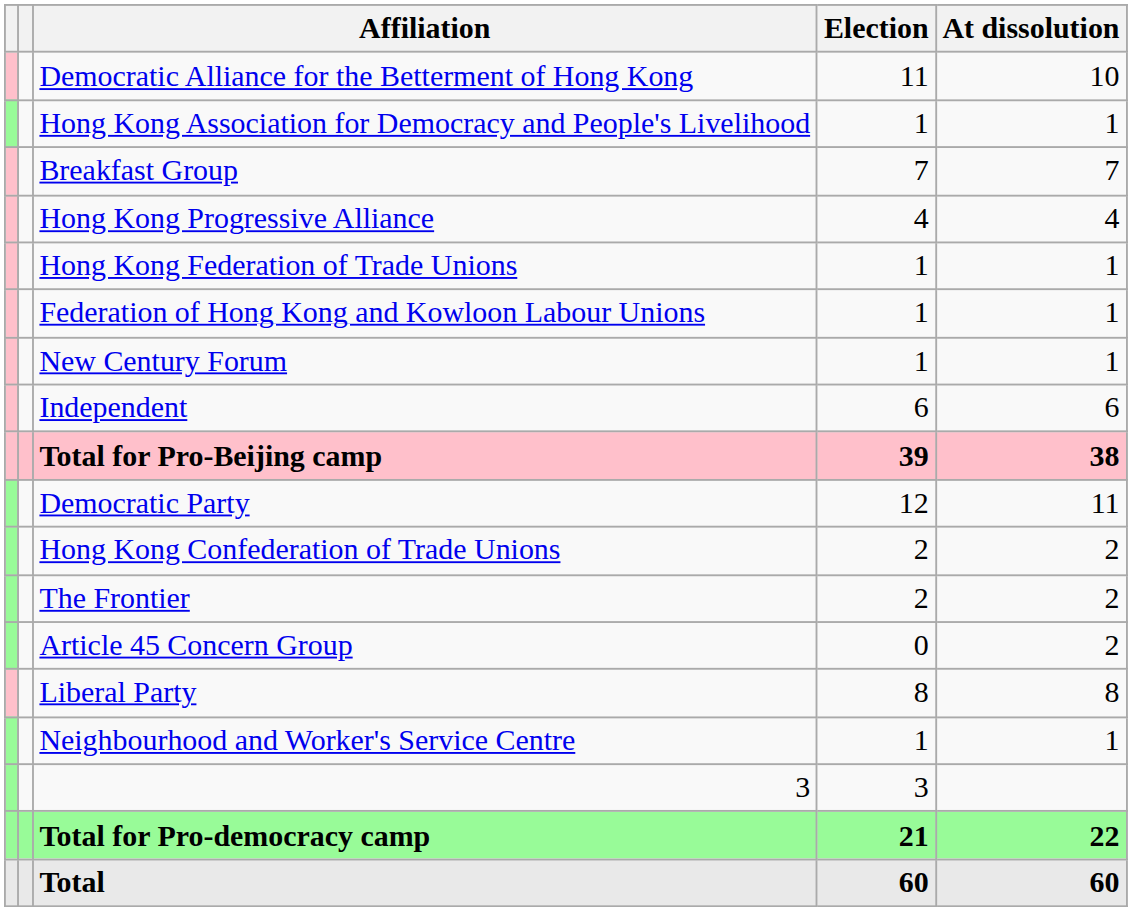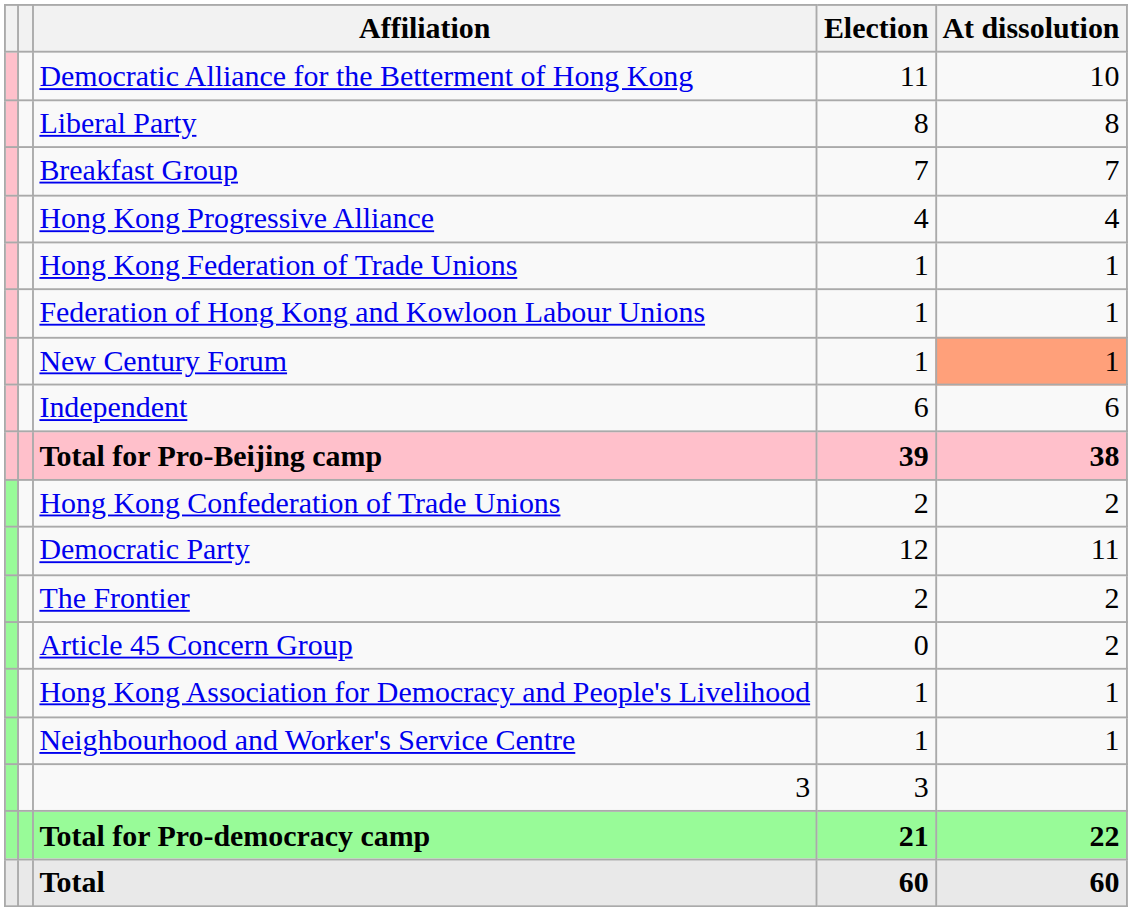 <table class="wikitable sortable">
 <tr>
 <th class="unsortable"></th>
 <th class="unsortable"></th>
 <th>Affiliation</th>
 <th>Election</th>
 <th>At dissolution</th>
 </tr>
 <tr>
 <td bgcolor=Pink></td>
 <td style="color:inherit;background:"></td>
 <td><a href='#'>Democratic Alliance for the Betterment of Hong Kong</a></td>
 <td align="right">11</td>
 <td align="right">10</td>
 </tr>
 <tr>
-<td bgcolor=PaleGreen></td>
+<td bgcolor=Pink></td>
 <td style="color:inherit;background:"></td>
-<td><a href='#'>Hong Kong Association for Democracy and People's Livelihood</a></td>
-<td align="right">1</td>
-<td align="right">1</td>
+<td><a href='#'>Liberal Party</a></td>
+<td align="right">8</td>
+<td align="right">8</td>
 </tr>
 <tr>
 <td bgcolor=Pink></td>
 <td style="color:inherit;background:"></td>
 <td><a href='#'>Breakfast Group</a></td>
 <td align="right">7</td>
 <td align="right">7</td>
 </tr>
 <tr>
 <td bgcolor=Pink></td>
 <td style="color:inherit;background:"></td>
 <td><a href='#'>Hong Kong Progressive Alliance</a></td>
 <td align="right">4</td>
 <td align="right">4</td>
 </tr>
 <tr>
 <td bgcolor=Pink></td>
 <td style="color:inherit;background:"></td>
 <td><a href='#'>Hong Kong Federation of Trade Unions</a></td>
 <td align="right">1</td>
 <td align="right">1</td>
 </tr>
 <tr>
 <td bgcolor=Pink></td>
 <td style="color:inherit;background:"></td>
 <td><a href='#'>Federation of Hong Kong and Kowloon Labour Unions</a></td>
 <td align="right">1</td>
 <td align="right">1</td>
 </tr>
 <tr>
 <td bgcolor=Pink></td>
 <td style="color:inherit;background:"></td>
 <td><a href='#'>New Century Forum</a></td>
 <td align="right">1</td>
-<td align="right">1</td>
+<td align="right" style="background: lightsalmon;">1</td>
 </tr>
 <tr>
 <td bgcolor=Pink></td>
 <td style="color:inherit;background:"></td>
 <td><a href='#'>Independent</a></td>
 <td align="right">6</td>
 <td align="right">6</td>
 </tr>
 <tr>
 <td bgcolor=Pink></td>
 <td bgcolor=Pink></td>
 <td style="background-color:Pink"><strong>Total for Pro-Beijing camp</strong></td>
 <td align="right" style="background-color:Pink"><strong>39</strong></td>
 <td align="right" style="background-color:Pink"><strong>38</strong></td>
 </tr>
 <tr>
 <td bgcolor=PaleGreen></td>
 <td style="color:inherit;background:"></td>
-<td><a href='#'>Democratic Party</a></td>
-<td align="right">12</td>
-<td align="right">11</td>
+<td><a href='#'>Hong Kong Confederation of Trade Unions</a></td>
+<td align="right">2</td>
+<td align="right">2</td>
 </tr>
 <tr>
 <td bgcolor=PaleGreen></td>
 <td style="color:inherit;background:"></td>
-<td><a href='#'>Hong Kong Confederation of Trade Unions</a></td>
-<td align="right">2</td>
-<td align="right">2</td>
+<td><a href='#'>Democratic Party</a></td>
+<td align="right">12</td>
+<td align="right">11</td>
 </tr>
 <tr>
 <td bgcolor=PaleGreen></td>
 <td style="color:inherit;background:"></td>
 <td><a href='#'>The Frontier</a></td>
 <td align="right">2</td>
 <td align="right">2</td>
 </tr>
 <tr>
 <td bgcolor=PaleGreen></td>
 <td style="color:inherit;background:"></td>
 <td><a href='#'>Article 45 Concern Group</a></td>
 <td align="right">0</td>
 <td align="right">2</td>
 </tr>
 <tr>
-<td bgcolor=Pink></td>
+<td bgcolor=PaleGreen></td>
 <td style="color:inherit;background:"></td>
-<td><a href='#'>Liberal Party</a></td>
-<td align="right">8</td>
-<td align="right">8</td>
+<td><a href='#'>Hong Kong Association for Democracy and People's Livelihood</a></td>
+<td align="right">1</td>
+<td align="right">1</td>
 </tr>
 <tr>
 <td bgcolor=PaleGreen></td>
 <td style="color:inherit;background:"></td>
 <td><a href='#'>Neighbourhood and Worker's Service Centre</a></td>
 <td align="right">1</td>
 <td align="right">1</td>
 </tr>
 <tr>
 <td bgcolor=PaleGreen></td>
 <td></td>
 <td align="right">3</td>
 <td align="right">3</td>
 </tr>
 <tr>
 <td bgcolor=PaleGreen></td>
 <td bgcolor=PaleGreen></td>
 <td style="background-color:PaleGreen"><strong>Total for Pro-democracy camp</strong></td>
 <td align="right" style="background-color:PaleGreen"><strong>21</strong></td>
 <td align="right" style="background-color:PaleGreen"><strong>22</strong></td>
 </tr>
 <tr class="sortbottom">
 <td style="color:inherit;background-color:#E9E9E9"></td>
 <td style="color:inherit;background-color:#E9E9E9"></td>
 <td style="background-color:#E9E9E9"><strong>Total</strong></td>
 <td align="right" style="background-color:#E9E9E9"><strong>60</strong></td>
 <td align="right" style="background-color:#E9E9E9"><strong>60</strong></td>
 </tr>
 </table>
